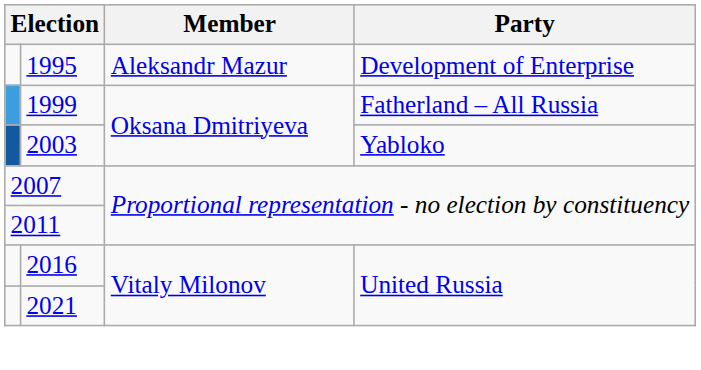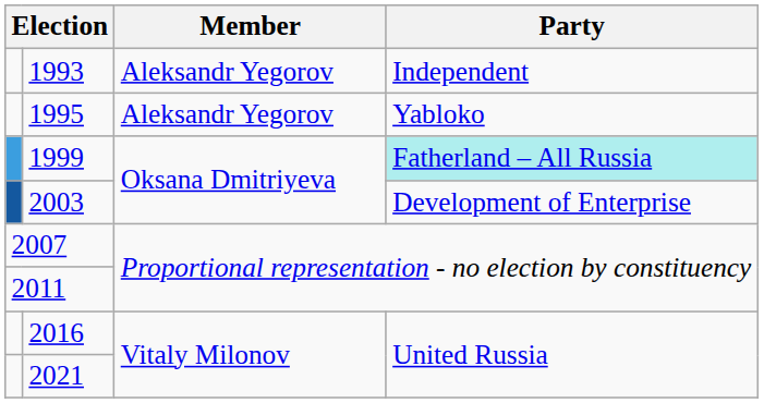 <table class="wikitable">
 <tr>
 <th colspan="2">Election</th>
 <th>Member</th>
 <th>Party</th>
 </tr>
 <tr>
 <td style="background-color:"></td>
+<td><a href='#'>1993</a></td>
+<td><a href='#'>Aleksandr Yegorov</a></td>
+<td><a href='#'>Independent</a></td>
+</tr>
+<tr>
+<td style="background-color:"></td>
 <td><a href='#'>1995</a></td>
-<td><a href='#'>Aleksandr Mazur</a></td>
-<td><a href='#'>Development of Enterprise</a></td>
+<td><a href='#'>Aleksandr Yegorov</a></td>
+<td><a href='#'>Yabloko</a></td>
 </tr>
 <tr>
 <td style="background-color:#3B9EDF"></td>
 <td><a href='#'>1999</a></td>
 <td rowspan=2><a href='#'>Oksana Dmitriyeva</a></td>
-<td><a href='#'>Fatherland – All Russia</a></td>
+<td style="background: paleturquoise;"><a href='#'>Fatherland – All Russia</a></td>
 </tr>
 <tr>
 <td style="background-color:#14589F"></td>
 <td><a href='#'>2003</a></td>
-<td><a href='#'>Yabloko</a></td>
+<td><a href='#'>Development of Enterprise</a></td>
 </tr>
 <tr>
 <td colspan=2><a href='#'>2007</a></td>
 <td colspan=2 rowspan=2><em><a href='#'>Proportional representation</a> - no election by constituency</em></td>
 </tr>
 <tr>
 <td colspan=2><a href='#'>2011</a></td>
 </tr>
 <tr>
 <td style="background-color: "></td>
 <td><a href='#'>2016</a></td>
 <td rowspan=2><a href='#'>Vitaly Milonov</a></td>
 <td rowspan=2><a href='#'>United Russia</a></td>
 </tr>
 <tr>
 <td style="background-color: "></td>
 <td><a href='#'>2021</a></td>
 </tr>
 </table>
